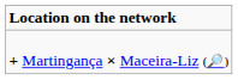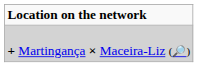 <table role="presentation" class="wikitable mw-collapsible mw-collapsed floatright">
 <tr>
 <td><strong>Location on the network</strong></td>
 </tr>
 <tr>
-<td><br><span><strong>+</strong> <a href='#'>Martingança</a></span> <span><strong>×</strong> <a href='#'>Maceira-Liz</a></span> <small>(<a href='#'>🔎</a>)</small></td>
+<td style="background: lightgrey;"><br><span><strong>+</strong> <a href='#'>Martingança</a></span> <span><strong>×</strong> <a href='#'>Maceira-Liz</a></span> <small>(<a href='#'>🔎</a>)</small></td>
 </tr>
 </table>
